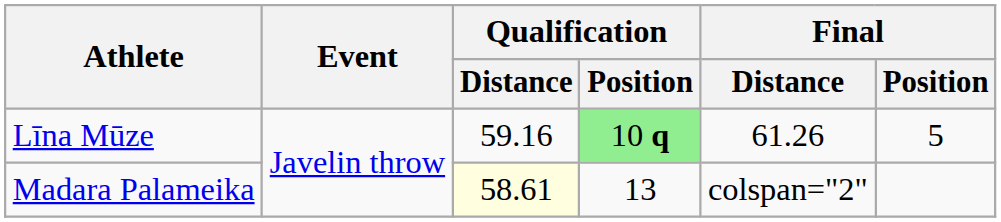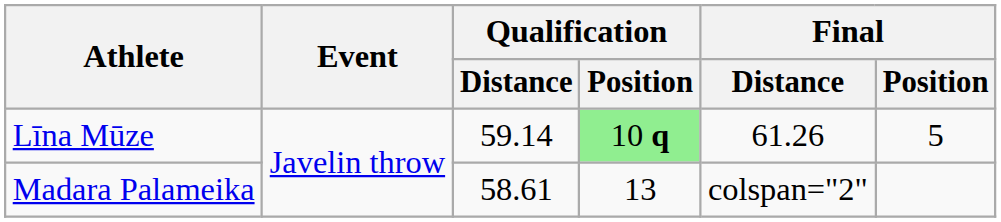 <table class="wikitable" style="font-size:90%">
 <tr>
 <th rowspan="2">Athlete</th>
 <th rowspan="2">Event</th>
 <th colspan="2">Qualification</th>
 <th colspan="2">Final</th>
 </tr>
 <tr style="font-size:95%">
 <th>Distance</th>
 <th>Position</th>
 <th>Distance</th>
 <th>Position</th>
 </tr>
 <tr align="center">
 <td align="left"><a href='#'>Līna Mūze</a></td>
 <td rowspan="2" align="left"><a href='#'>Javelin throw</a></td>
-<td>59.16</td>
+<td>59.14</td>
 <td style="background: lightgreen;">10 <strong>q</strong></td>
 <td>61.26</td>
 <td>5</td>
 </tr>
 <tr align="center">
 <td align="left"><a href='#'>Madara Palameika</a></td>
-<td style="background: lightyellow;">58.61 </td>
+<td>58.61 </td>
 <td>13</td>
 <td>colspan="2" </td>
 </tr>
 </table>
